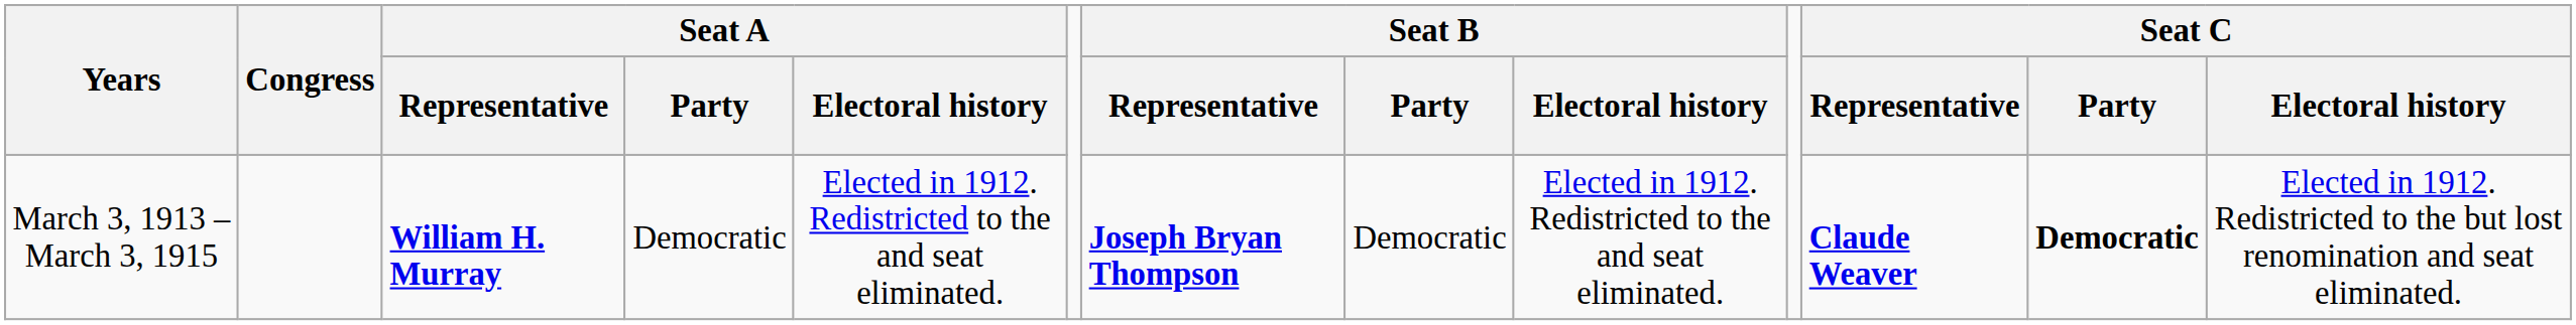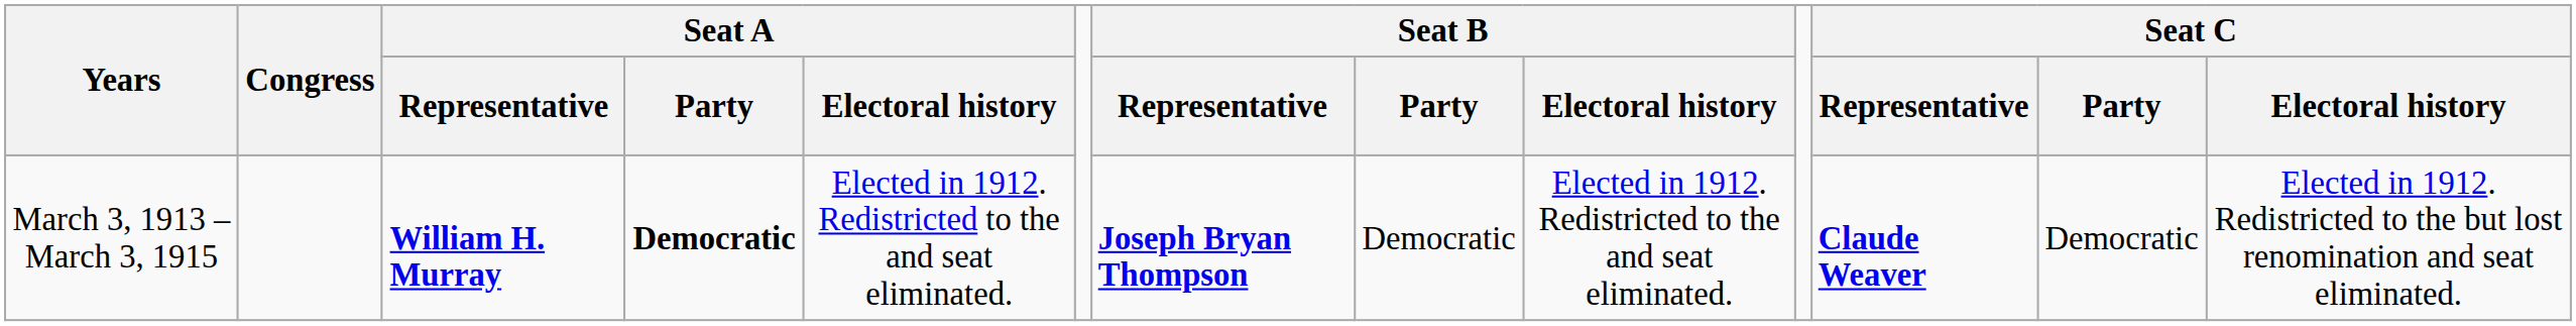 <table class=wikitable style="text-align:center">
 <tr>
 <th rowspan=2>Years</th>
 <th rowspan=2>Congress</th>
 <th colspan=3>Seat A</th>
 <td rowspan=99></td>
 <th colspan=3>Seat B</th>
 <td rowspan=99></td>
 <th colspan=3>Seat C</th>
 </tr>
 <tr style="height:3em">
 <th>Representative</th>
 <th>Party</th>
 <th>Electoral history</th>
 <th>Representative</th>
 <th>Party</th>
 <th>Electoral history</th>
 <th>Representative</th>
 <th>Party</th>
 <th>Electoral history</th>
 </tr>
 <tr style="height:3em">
 <td nowrap>March 3, 1913 –<br>March 3, 1915</td>
 <td></td>
 <td align=left><br><strong><a href='#'>William H. Murray</a></strong></td>
-<td>Democratic</td>
+<td><strong>Democratic</strong></td>
 <td><a href='#'>Elected in 1912</a>.<br><a href='#'>Redistricted</a> to the  and seat eliminated.</td>
 <td align=left><br><strong><a href='#'>Joseph Bryan Thompson</a></strong></td>
 <td>Democratic</td>
 <td><a href='#'>Elected in 1912</a>.<br>Redistricted to the  and seat eliminated.</td>
 <td align=left><br><strong><a href='#'>Claude Weaver</a></strong></td>
-<td><strong>Democratic</strong></td>
+<td>Democratic</td>
 <td><a href='#'>Elected in 1912</a>.<br>Redistricted to the  but lost renomination and seat eliminated.</td>
 </tr>
 </table>
